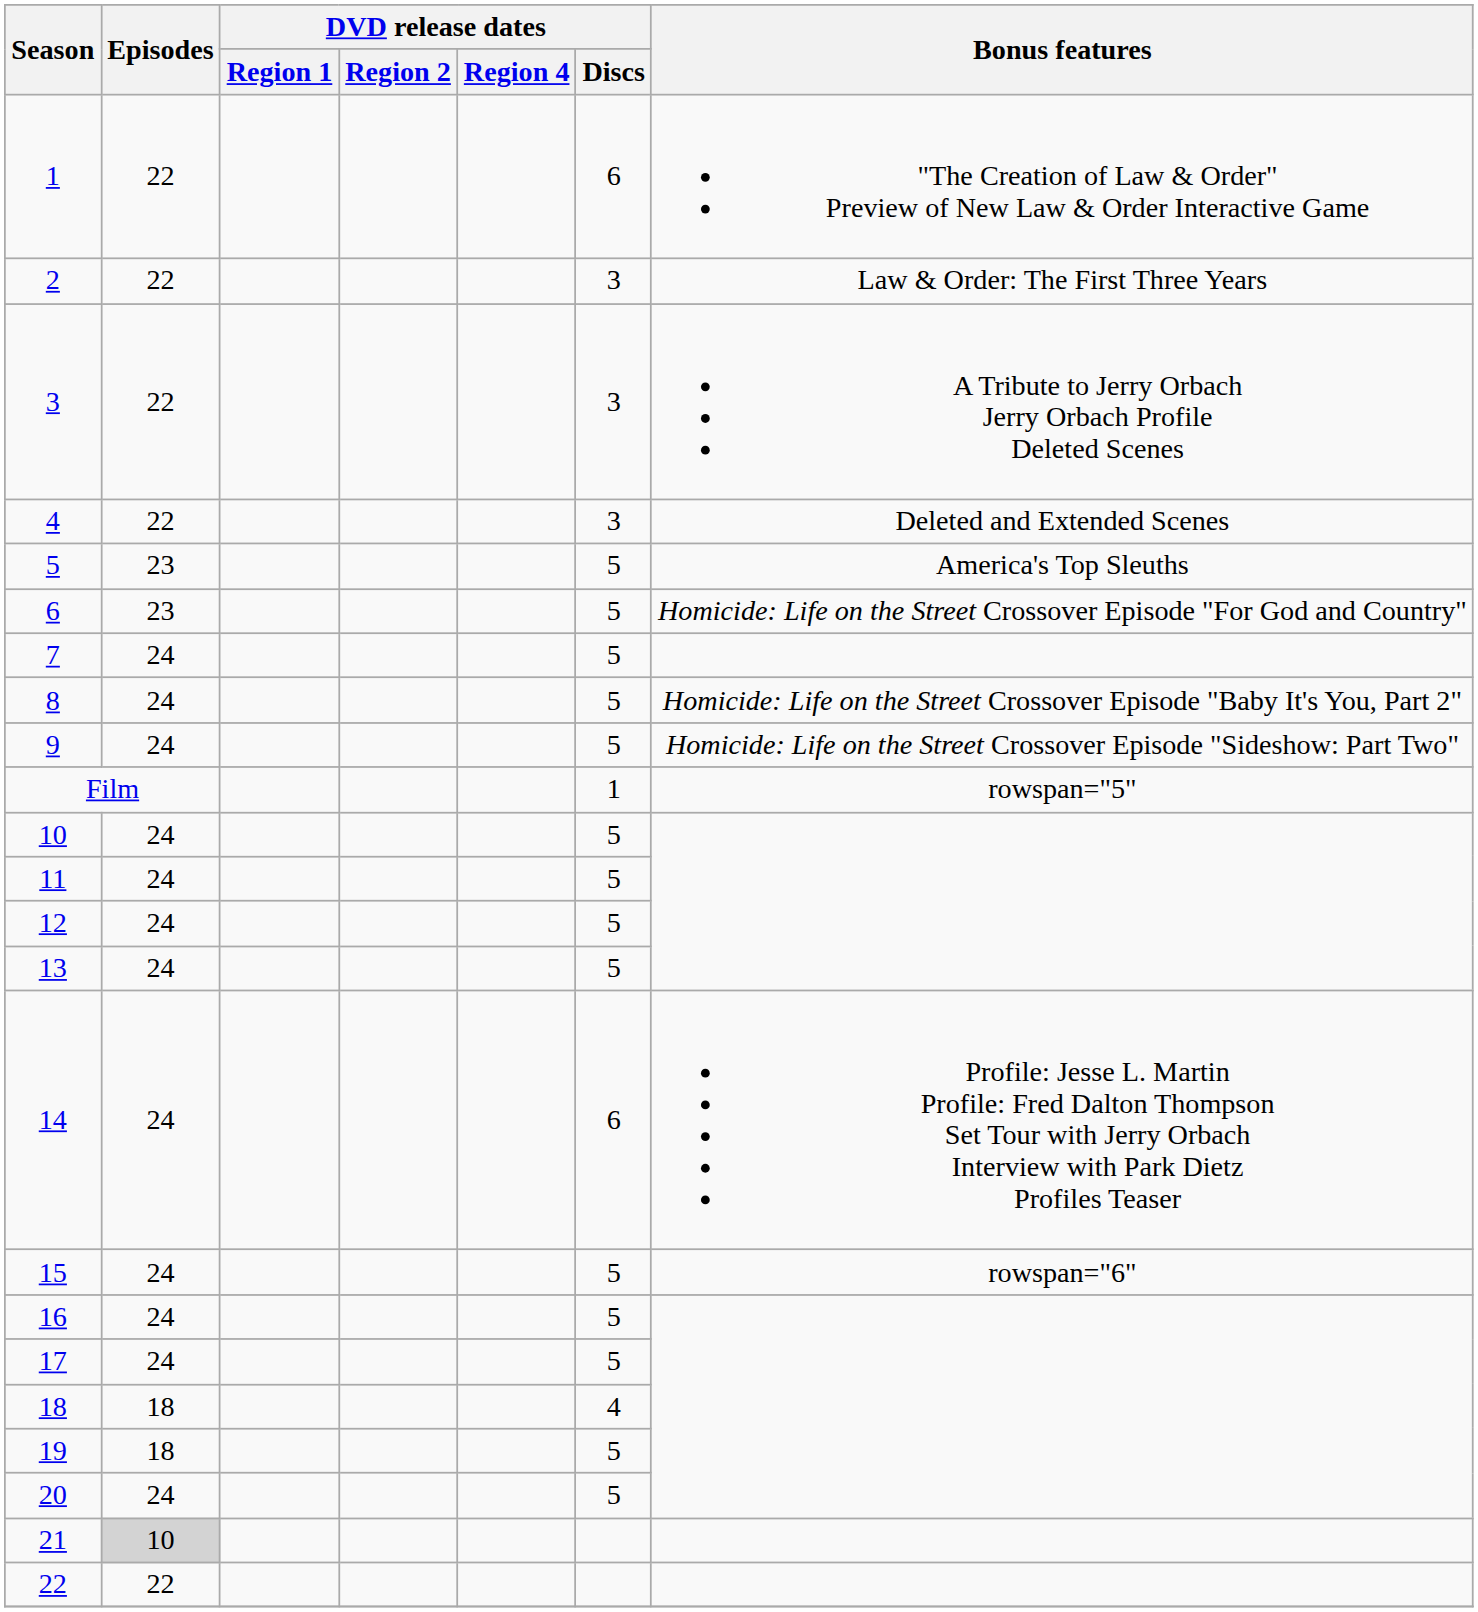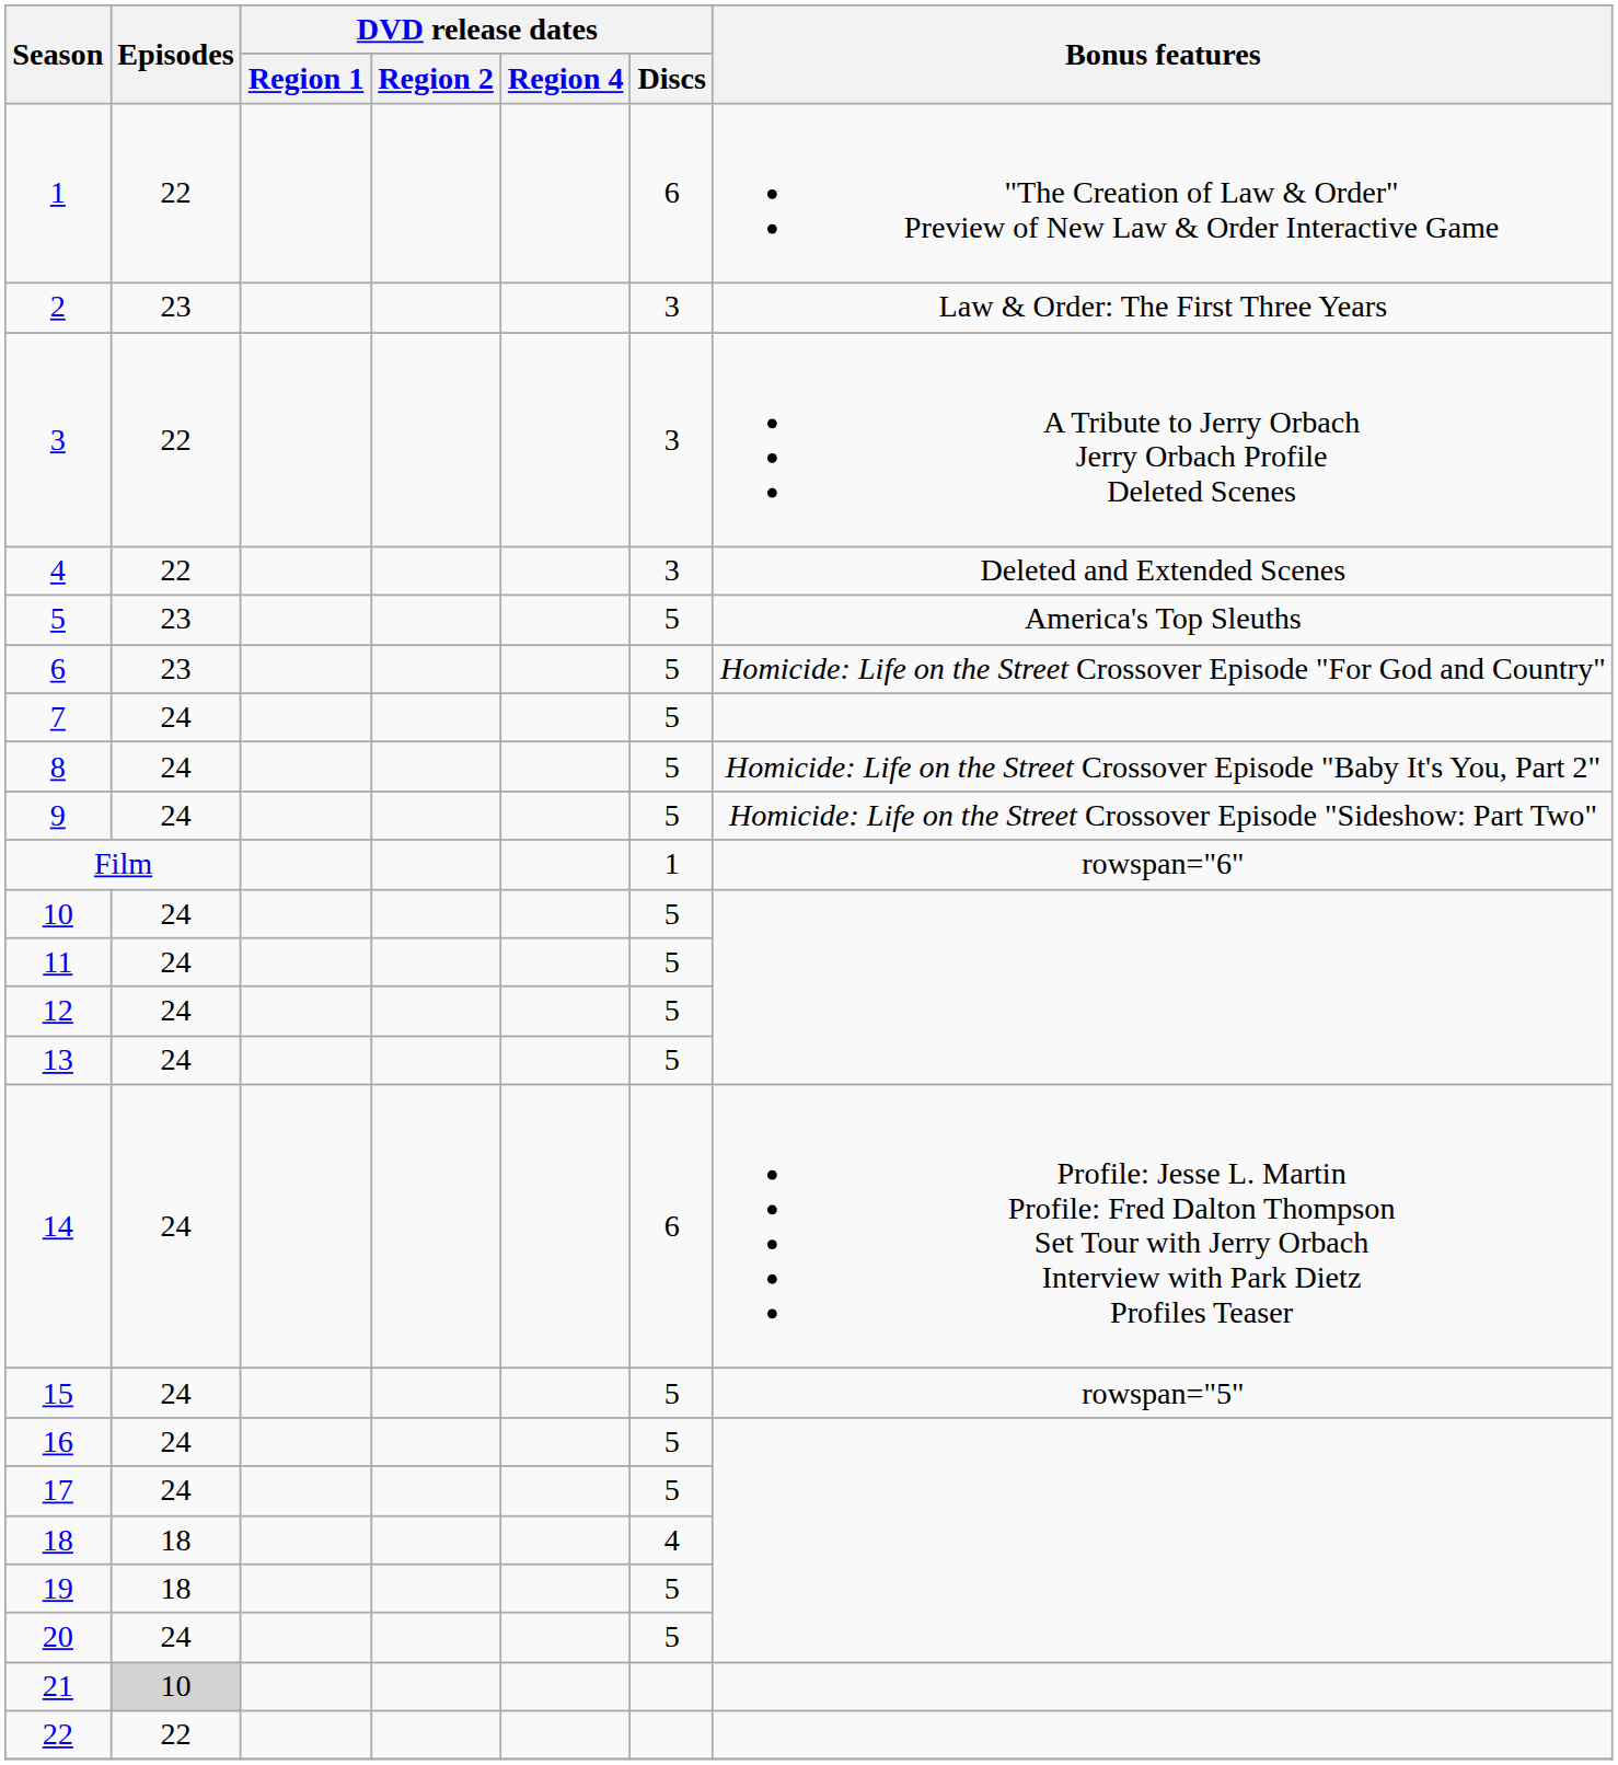 <table class="wikitable plainrowheaders" style="text-align: center;">
 <tr>
 <th scope="col" rowspan=2>Season</th>
 <th scope="col" rowspan=2>Episodes</th>
 <th scope="col" colspan=4><a href='#'>DVD</a> release dates</th>
 <th scope="col" rowspan=2>Bonus features</th>
 </tr>
 <tr>
 <th scope="col"><a href='#'>Region 1</a></th>
 <th scope="col"><a href='#'>Region 2</a></th>
 <th scope="col"><a href='#'>Region 4</a></th>
 <th scope="col">Discs</th>
 </tr>
 <tr>
 <td scope="row"><a href='#'>1</a></td>
 <td>22</td>
 <td></td>
 <td></td>
 <td></td>
 <td>6</td>
 <td><br><ul><li>"The Creation of Law & Order"</li><li>Preview of New Law & Order Interactive Game</li></ul></td>
 </tr>
 <tr>
 <td scope="row"><a href='#'>2</a></td>
-<td>22</td>
+<td>23</td>
 <td></td>
 <td></td>
 <td></td>
 <td>3</td>
 <td>Law & Order: The First Three Years</td>
 </tr>
 <tr>
 <td scope="row"><a href='#'>3</a></td>
 <td>22</td>
 <td></td>
 <td></td>
 <td></td>
 <td>3</td>
 <td><br><ul><li>A Tribute to Jerry Orbach</li><li>Jerry Orbach Profile</li><li>Deleted Scenes</li></ul></td>
 </tr>
 <tr>
 <td scope="row"><a href='#'>4</a></td>
 <td>22</td>
 <td></td>
 <td></td>
 <td></td>
 <td>3</td>
 <td>Deleted and Extended Scenes</td>
 </tr>
 <tr>
 <td scope="row"><a href='#'>5</a></td>
 <td>23</td>
 <td></td>
 <td></td>
 <td></td>
 <td>5</td>
 <td>America's Top Sleuths</td>
 </tr>
 <tr>
 <td scope="row"><a href='#'>6</a></td>
 <td>23</td>
 <td></td>
 <td></td>
 <td></td>
 <td>5</td>
 <td><em>Homicide: Life on the Street</em> Crossover Episode "For God and Country"</td>
 </tr>
 <tr>
 <td scope="row"><a href='#'>7</a></td>
 <td>24</td>
 <td></td>
 <td></td>
 <td></td>
 <td>5</td>
 <td></td>
 </tr>
 <tr>
 <td scope="row"><a href='#'>8</a></td>
 <td>24</td>
 <td></td>
 <td></td>
 <td></td>
 <td>5</td>
 <td><em>Homicide: Life on the Street</em> Crossover Episode "Baby It's You, Part 2"</td>
 </tr>
 <tr>
 <td scope="row"><a href='#'>9</a></td>
 <td>24</td>
 <td></td>
 <td></td>
 <td></td>
 <td>5</td>
 <td><em>Homicide: Life on the Street</em> Crossover Episode "Sideshow: Part Two"</td>
 </tr>
 <tr>
 <td colspan="2"><a href='#'>Film</a></td>
 <td></td>
 <td></td>
 <td></td>
 <td>1</td>
-<td>rowspan="5" </td>
+<td>rowspan="6" </td>
 </tr>
 <tr>
 <td scope="row"><a href='#'>10</a></td>
 <td>24</td>
 <td></td>
 <td></td>
 <td></td>
 <td>5</td>
 </tr>
 <tr>
 <td scope="row"><a href='#'>11</a></td>
 <td>24</td>
 <td></td>
 <td></td>
 <td></td>
 <td>5</td>
 </tr>
 <tr>
 <td scope="row"><a href='#'>12</a></td>
 <td>24</td>
 <td></td>
 <td></td>
 <td></td>
 <td>5</td>
 </tr>
 <tr>
 <td scope="row"><a href='#'>13</a></td>
 <td>24</td>
 <td></td>
 <td></td>
 <td></td>
 <td>5</td>
 </tr>
 <tr>
 <td scope="row"><a href='#'>14</a></td>
 <td>24</td>
 <td></td>
 <td></td>
 <td></td>
 <td>6</td>
 <td><br><ul><li>Profile: Jesse L. Martin</li><li>Profile: Fred Dalton Thompson</li><li>Set Tour with Jerry Orbach</li><li>Interview with Park Dietz</li><li>Profiles Teaser</li></ul></td>
 </tr>
 <tr>
 <td scope="row"><a href='#'>15</a></td>
 <td>24</td>
 <td></td>
 <td></td>
 <td></td>
 <td>5</td>
-<td>rowspan="6" </td>
+<td>rowspan="5" </td>
 </tr>
 <tr>
 <td scope="row"><a href='#'>16</a></td>
 <td>24</td>
 <td></td>
 <td></td>
 <td></td>
 <td>5</td>
 </tr>
 <tr>
 <td scope="row"><a href='#'>17</a></td>
 <td>24</td>
 <td></td>
 <td></td>
 <td></td>
 <td>5</td>
 </tr>
 <tr>
 <td scope="row"><a href='#'>18</a></td>
 <td>18</td>
 <td></td>
 <td></td>
 <td></td>
 <td>4</td>
 </tr>
 <tr>
 <td scope="row"><a href='#'>19</a></td>
 <td>18</td>
 <td></td>
 <td></td>
 <td></td>
 <td>5</td>
 </tr>
 <tr>
 <td scope="row"><a href='#'>20</a></td>
 <td>24</td>
 <td></td>
 <td></td>
 <td></td>
 <td>5</td>
 </tr>
 <tr>
 <td scope="row"><a href='#'>21</a></td>
 <td style="background: lightgrey;">10</td>
 <td></td>
 <td></td>
 <td></td>
 <td></td>
 <td></td>
 </tr>
 <tr>
 <td scope="row"><a href='#'>22</a></td>
 <td>22</td>
 <td></td>
 <td></td>
 <td></td>
 <td></td>
 <td></td>
 </tr>
 <tr>
 </tr>
 </table>
